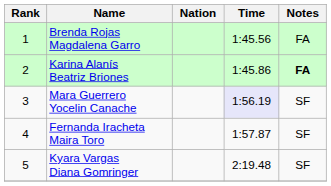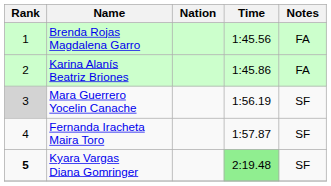 <table class="wikitable sortable" style="text-align:center" width=50%>
 <tr>
 <th>Rank</th>
 <th>Name</th>
 <th>Nation</th>
 <th>Time</th>
 <th>Notes</th>
 </tr>
 <tr bgcolor=ccffcc>
 <td>1</td>
 <td align=left><a href='#'>Brenda Rojas</a><br><a href='#'>Magdalena Garro</a></td>
 <td align=left></td>
 <td>1:45.56</td>
 <td>FA</td>
 </tr>
 <tr bgcolor=ccffcc>
 <td>2</td>
 <td align=left><a href='#'>Karina Alanís</a><br><a href='#'>Beatriz Briones</a></td>
 <td align=left></td>
 <td>1:45.86</td>
-<td><strong>FA</strong></td>
+<td>FA</td>
 </tr>
 <tr>
-<td>3</td>
+<td style="background: lightgrey;">3</td>
 <td align=left><a href='#'>Mara Guerrero</a><br><a href='#'>Yocelin Canache</a></td>
 <td align=left></td>
-<td style="background: lavender;">1:56.19</td>
+<td>1:56.19</td>
 <td>SF</td>
 </tr>
 <tr>
 <td>4</td>
 <td align=left><a href='#'>Fernanda Iracheta</a><br><a href='#'>Maira Toro</a></td>
 <td align=left></td>
 <td>1:57.87</td>
 <td>SF</td>
 </tr>
 <tr>
-<td>5</td>
+<td><strong>5</strong></td>
 <td align=left><a href='#'>Kyara Vargas</a><br><a href='#'>Diana Gomringer</a></td>
 <td align=left></td>
-<td>2:19.48</td>
+<td style="background: lightgreen;">2:19.48</td>
 <td>SF</td>
 </tr>
 <tr>
 </tr>
 </table>
